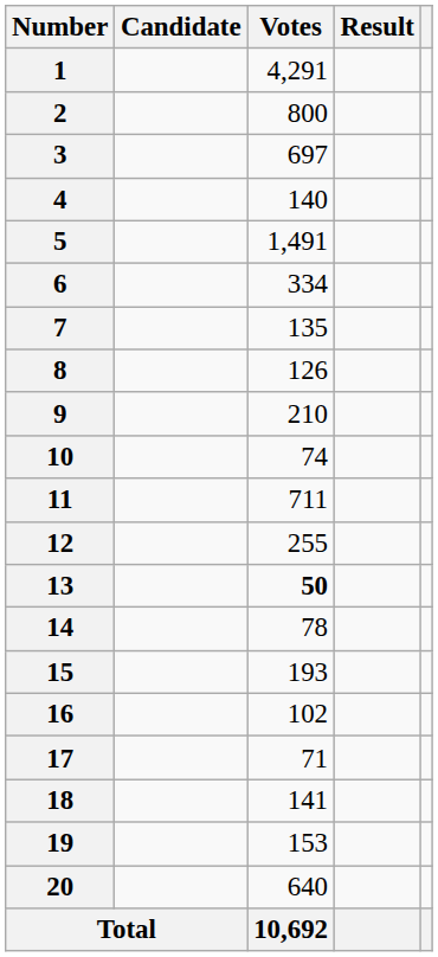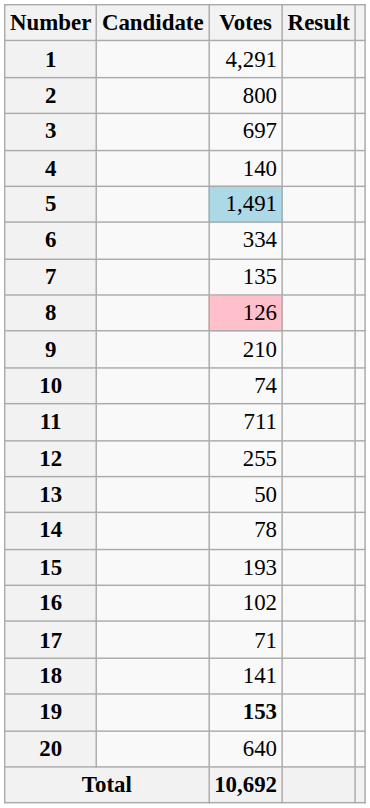 <table class="wikitable sortable">
 <tr>
 <th scope="col">Number</th>
 <th scope="col">Candidate</th>
 <th scope="col">Votes</th>
 <th scope="col">Result</th>
 <th scope="col" class="unsortable"></th>
 </tr>
 <tr>
 <th scope="row">1</th>
 <td></td>
 <td style="text-align:right">4,291</td>
 <td></td>
 <td></td>
 </tr>
 <tr>
 <th scope="row">2</th>
 <td></td>
 <td style="text-align:right">800</td>
 <td></td>
 <td></td>
 </tr>
 <tr>
 <th scope="row">3</th>
 <td></td>
 <td style="text-align:right">697</td>
 <td></td>
 <td></td>
 </tr>
 <tr>
 <th scope="row">4</th>
 <td></td>
 <td style="text-align:right">140</td>
 <td></td>
 <td></td>
 </tr>
 <tr>
 <th scope="row">5</th>
 <td></td>
-<td style="text-align:right">1,491</td>
+<td style="background: lightblue; text-align:right">1,491</td>
 <td></td>
 <td></td>
 </tr>
 <tr>
 <th scope="row">6</th>
 <td></td>
 <td style="text-align:right">334</td>
 <td></td>
 <td></td>
 </tr>
 <tr>
 <th scope="row">7</th>
 <td></td>
 <td style="text-align:right">135</td>
 <td></td>
 <td></td>
 </tr>
 <tr>
 <th scope="row">8</th>
 <td></td>
-<td style="text-align:right">126</td>
+<td style="background: pink; text-align:right">126</td>
 <td></td>
 <td></td>
 </tr>
 <tr>
 <th scope="row">9</th>
 <td></td>
 <td style="text-align:right">210</td>
 <td></td>
 <td></td>
 </tr>
 <tr>
 <th scope="row">10</th>
 <td></td>
 <td style="text-align:right">74</td>
 <td></td>
 <td></td>
 </tr>
 <tr>
 <th scope="row">11</th>
 <td></td>
 <td style="text-align:right">711</td>
 <td></td>
 <td></td>
 </tr>
 <tr>
 <th scope="row">12</th>
 <td></td>
 <td style="text-align:right">255</td>
 <td></td>
 <td></td>
 </tr>
 <tr>
 <th scope="row">13</th>
 <td></td>
-<td style="text-align:right"><strong>50</strong></td>
+<td style="text-align:right">50</td>
 <td></td>
 <td></td>
 </tr>
 <tr>
 <th scope="row">14</th>
 <td></td>
 <td style="text-align:right">78</td>
 <td></td>
 <td></td>
 </tr>
 <tr>
 <th scope="row">15</th>
 <td></td>
 <td style="text-align:right">193</td>
 <td></td>
 <td></td>
 </tr>
 <tr>
 <th scope="row">16</th>
 <td></td>
 <td style="text-align:right">102</td>
 <td></td>
 <td></td>
 </tr>
 <tr>
 <th scope="row">17</th>
 <td></td>
 <td style="text-align:right">71</td>
 <td></td>
 <td></td>
 </tr>
 <tr>
 <th scope="row">18</th>
 <td></td>
 <td style="text-align:right">141</td>
 <td></td>
 <td></td>
 </tr>
 <tr>
 <th scope="row">19</th>
 <td></td>
-<td style="text-align:right">153</td>
+<td style="text-align:right"><strong>153</strong></td>
 <td></td>
 <td></td>
 </tr>
 <tr>
 <th scope="row">20</th>
 <td></td>
 <td style="text-align:right">640</td>
 <td></td>
 <td></td>
 </tr>
 <tr class="sortbottom">
 <th scope="row" colspan="2">Total</th>
 <th style="text-align:right">10,692</th>
 <th></th>
 <th></th>
 </tr>
 </table>
